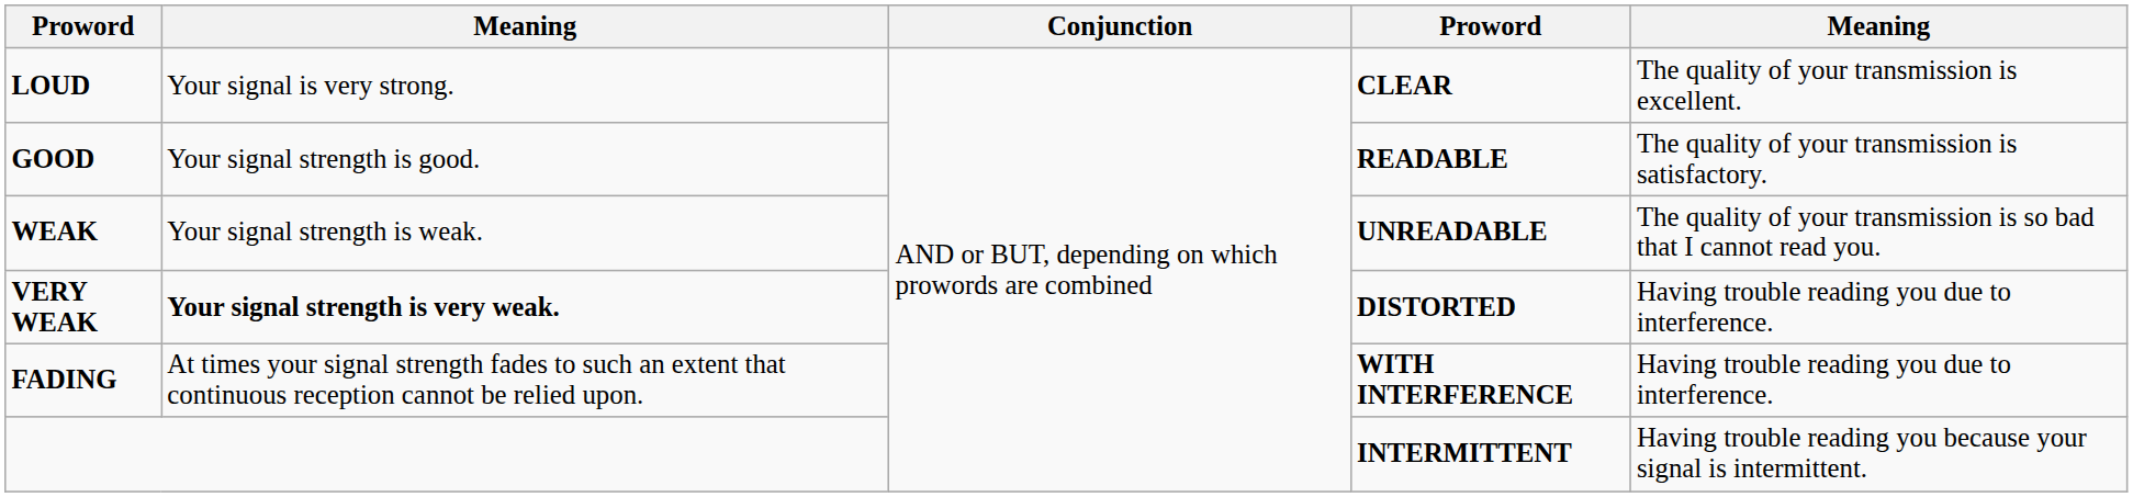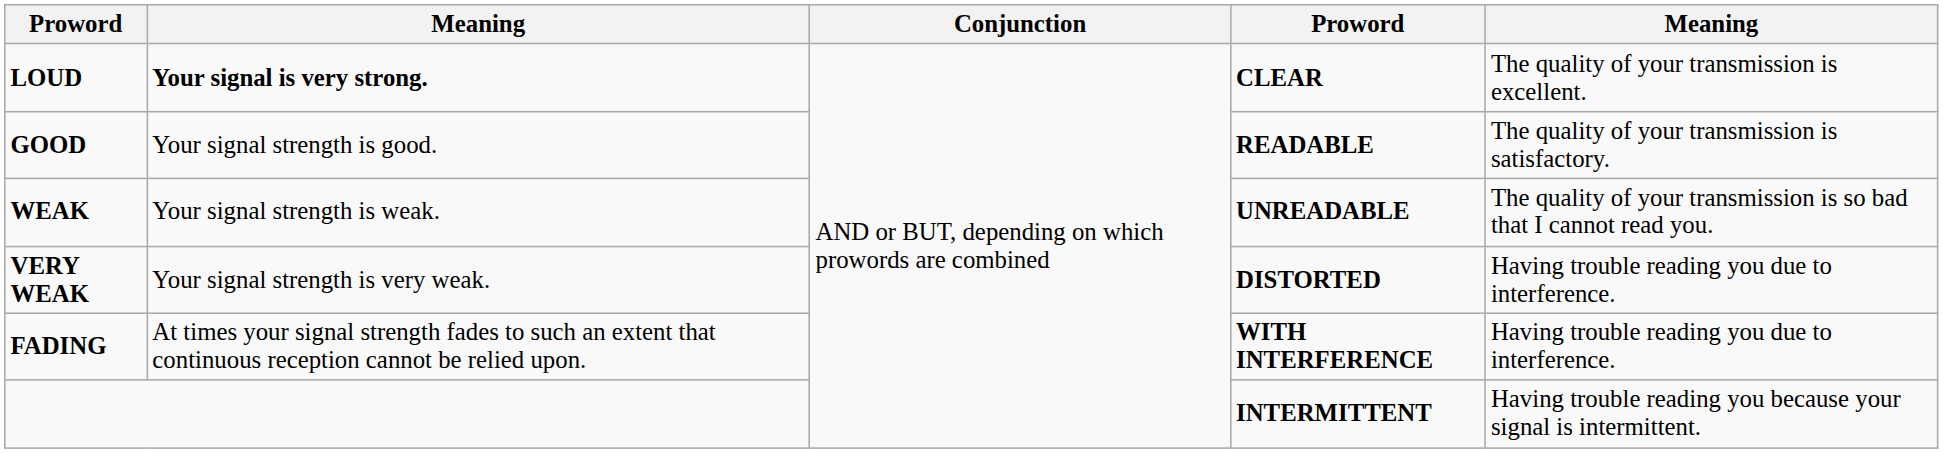 <table class="wikitable">
 <tr>
 <th>Proword</th>
 <th>Meaning</th>
 <th>Conjunction</th>
 <th>Proword</th>
 <th>Meaning</th>
 </tr>
 <tr>
 <td><strong>LOUD</strong></td>
-<td>Your signal is very strong.</td>
+<td><strong>Your signal is very strong.</strong></td>
 <td rowspan="6">AND or BUT, depending on which prowords are combined</td>
 <td><strong>CLEAR</strong></td>
 <td>The quality of your transmission is excellent.</td>
 </tr>
 <tr>
 <td><strong>GOOD</strong></td>
 <td>Your signal strength is good.</td>
 <td><strong>READABLE</strong></td>
 <td>The quality of your transmission is satisfactory.</td>
 </tr>
 <tr>
 <td><strong>WEAK</strong></td>
 <td>Your signal strength is weak.</td>
 <td><strong>UNREADABLE</strong></td>
 <td>The quality of your transmission is so bad that I cannot read you.</td>
 </tr>
 <tr>
 <td><strong>VERY WEAK</strong></td>
-<td><strong>Your signal strength is very weak.</strong></td>
+<td>Your signal strength is very weak.</td>
 <td><strong>DISTORTED</strong></td>
 <td>Having trouble reading you due to interference.</td>
 </tr>
 <tr>
 <td><strong>FADING</strong></td>
 <td>At times your signal strength fades to such an extent that continuous reception cannot be relied upon.</td>
 <td><strong>WITH INTERFERENCE</strong></td>
 <td>Having trouble reading you due to interference.</td>
 </tr>
 <tr>
 <td colspan="2"></td>
 <td><strong>INTERMITTENT</strong></td>
 <td>Having trouble reading you because your signal is intermittent.</td>
 </tr>
 </table>
